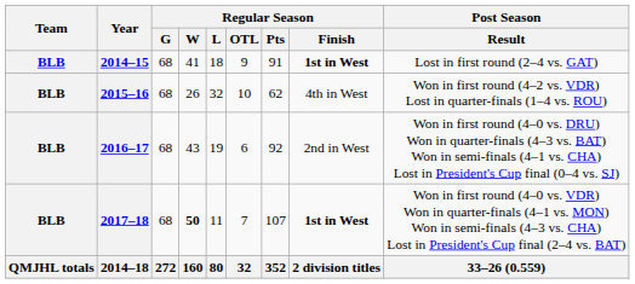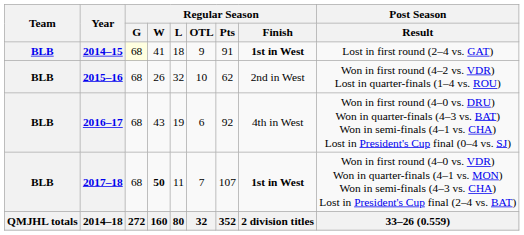 <table class="wikitable" style="font-size: 95%; text-align:center;">
 <tr>
 <th rowspan="2">Team</th>
 <th rowspan="2">Year</th>
 <th colspan="6">Regular Season</th>
 <th colspan="1">Post Season</th>
 </tr>
 <tr>
 <th>G</th>
 <th>W</th>
 <th>L</th>
 <th>OTL</th>
 <th>Pts</th>
 <th>Finish</th>
 <th>Result</th>
 </tr>
 <tr>
 <th><a href='#'>BLB</a></th>
 <th><a href='#'>2014–15</a></th>
-<td>68</td>
+<td style="background: lightyellow;">68</td>
 <td>41</td>
 <td>18</td>
 <td>9</td>
 <td>91</td>
 <td><strong>1st in West</strong></td>
 <td>Lost in first round (2–4 vs. <a href='#'>GAT</a>)</td>
 </tr>
 <tr>
 <th Blainville-Boisbriand Armada>BLB</th>
 <th><a href='#'>2015–16</a></th>
 <td>68</td>
 <td>26</td>
 <td>32</td>
 <td>10</td>
 <td>62</td>
-<td>4th in West</td>
+<td>2nd in West</td>
 <td>Won in first round (4–2 vs. <a href='#'>VDR</a>) <br> Lost in quarter-finals (1–4 vs. <a href='#'>ROU</a>)</td>
 </tr>
 <tr>
 <th Blainville-Boisbriand Armada>BLB</th>
 <th><a href='#'>2016–17</a></th>
 <td>68</td>
 <td>43</td>
 <td>19</td>
 <td>6</td>
 <td>92</td>
-<td>2nd in West</td>
+<td>4th in West</td>
 <td>Won in first round (4–0 vs. <a href='#'>DRU</a>) <br> Won in quarter-finals (4–3 vs. <a href='#'>BAT</a>) <br> Won in semi-finals (4–1 vs. <a href='#'>CHA</a>) <br> Lost in <a href='#'>President's Cup</a> final (0–4 vs. <a href='#'>SJ</a>)</td>
 </tr>
 <tr>
 <th Blainville-Boisbriand Armada>BLB</th>
 <th><a href='#'>2017–18</a></th>
 <td>68</td>
 <td><strong>50</strong></td>
 <td>11</td>
 <td>7</td>
 <td>107</td>
 <td><strong>1st in West</strong></td>
 <td>Won in first round (4–0 vs. <a href='#'>VDR</a>) <br> Won in quarter-finals (4–1 vs. <a href='#'>MON</a>) <br> Won in semi-finals (4–3 vs. <a href='#'>CHA</a>) <br> Lost in <a href='#'>President's Cup</a> final (2–4 vs. <a href='#'>BAT</a>)</td>
 </tr>
 <tr align="centre" bgcolor="#dddddd">
 <th>QMJHL totals</th>
 <th>2014–18</th>
 <th>272</th>
 <th>160</th>
 <th>80</th>
 <th>32</th>
 <th>352</th>
 <th>2 division titles</th>
 <th>33–26 (0.559)</th>
 </tr>
 </table>
